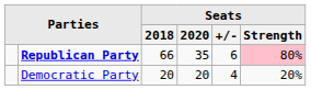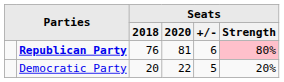 <table class=wikitable>
 <tr>
 <th style="background-color:#E9E9E9" align=center rowspan=2 colspan=2>Parties</th>
 <th style="background-color:#E9E9E9" align=center colspan=5>Seats</th>
 </tr>
 <tr bgcolor=#E9E9E9>
 <th>2018</th>
 <th>2020</th>
 <th>+/-</th>
 <th>Strength</th>
 </tr>
 <tr>
 <td style="background-color:"> </td>
 <td><strong><a href='#'>Republican Party</a></strong></td>
-<td align=right>66</td>
-<td align=right>35</td>
+<td align=right>76</td>
+<td align=right>81</td>
 <td align=right> 6</td>
 <td align=right style="background: pink;">80%</td>
 </tr>
 <tr>
 <td style="background-color:"> </td>
 <td><a href='#'>Democratic Party</a></td>
 <td align=right>20</td>
-<td align=right>20</td>
-<td align=right> 4</td>
+<td align=right>22</td>
+<td align=right> 5</td>
 <td align=right>20%</td>
 </tr>
 </table>
